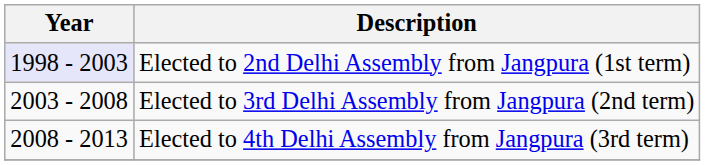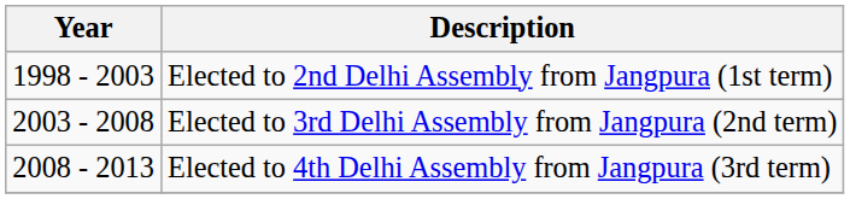 <table class="wikitable">
 <tr>
 <th>Year</th>
 <th>Description</th>
 </tr>
 <tr>
-<td style="background: lavender;">1998 - 2003</td>
+<td>1998 - 2003</td>
 <td>Elected to <a href='#'>2nd Delhi Assembly</a> from <a href='#'>Jangpura</a> (1st term)</td>
 </tr>
 <tr>
 <td>2003 - 2008</td>
 <td>Elected to <a href='#'>3rd Delhi Assembly</a> from <a href='#'>Jangpura</a> (2nd term)</td>
 </tr>
 <tr>
 <td>2008 - 2013</td>
 <td>Elected to <a href='#'>4th Delhi Assembly</a> from <a href='#'>Jangpura</a> (3rd term)</td>
 </tr>
 <tr>
 </tr>
 </table>
